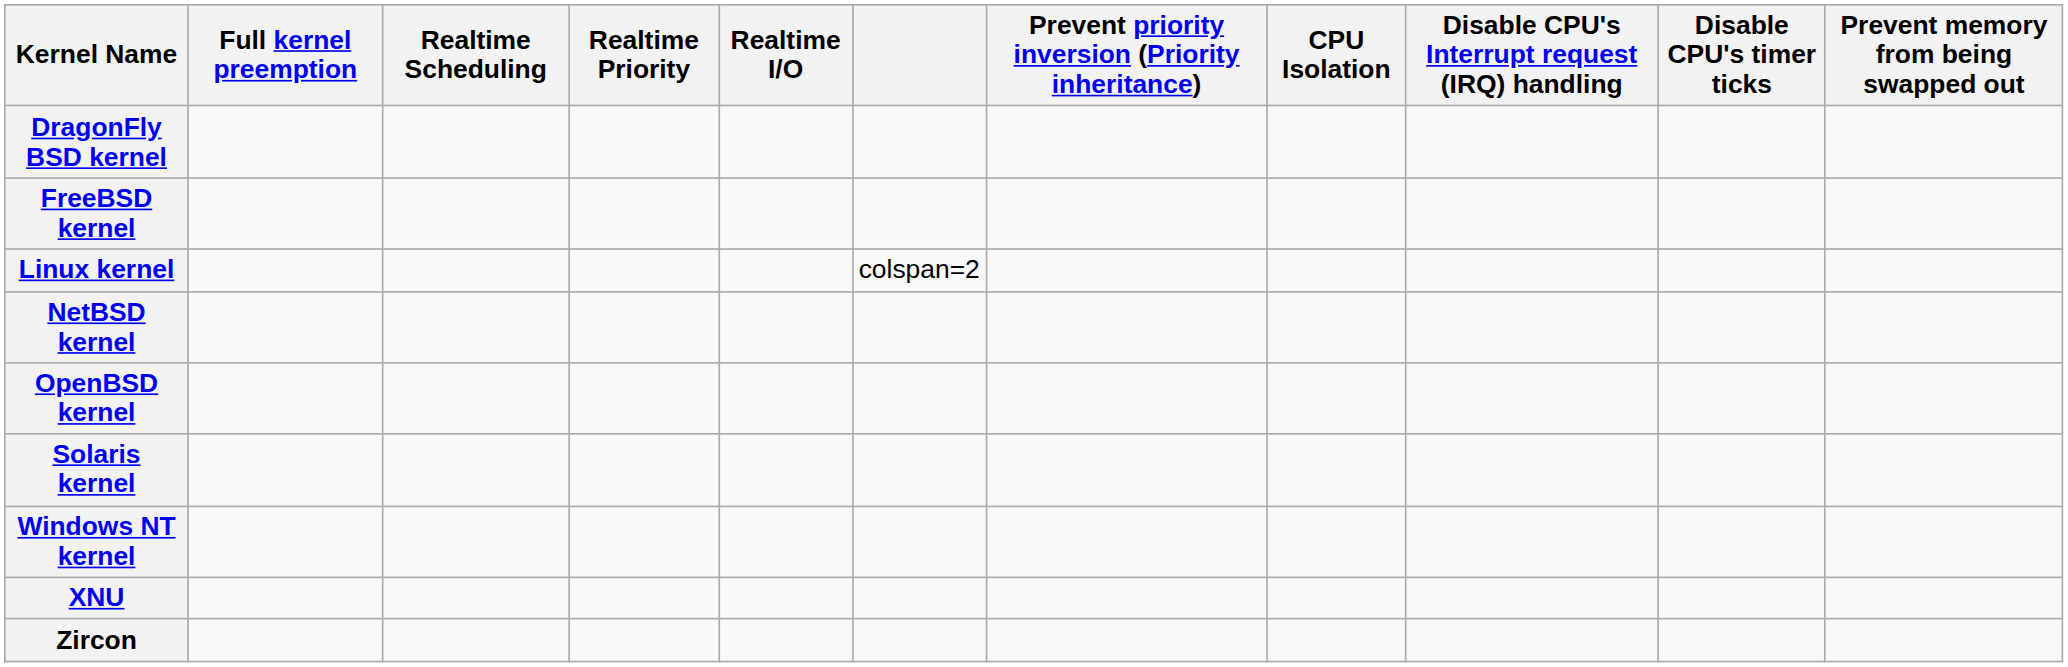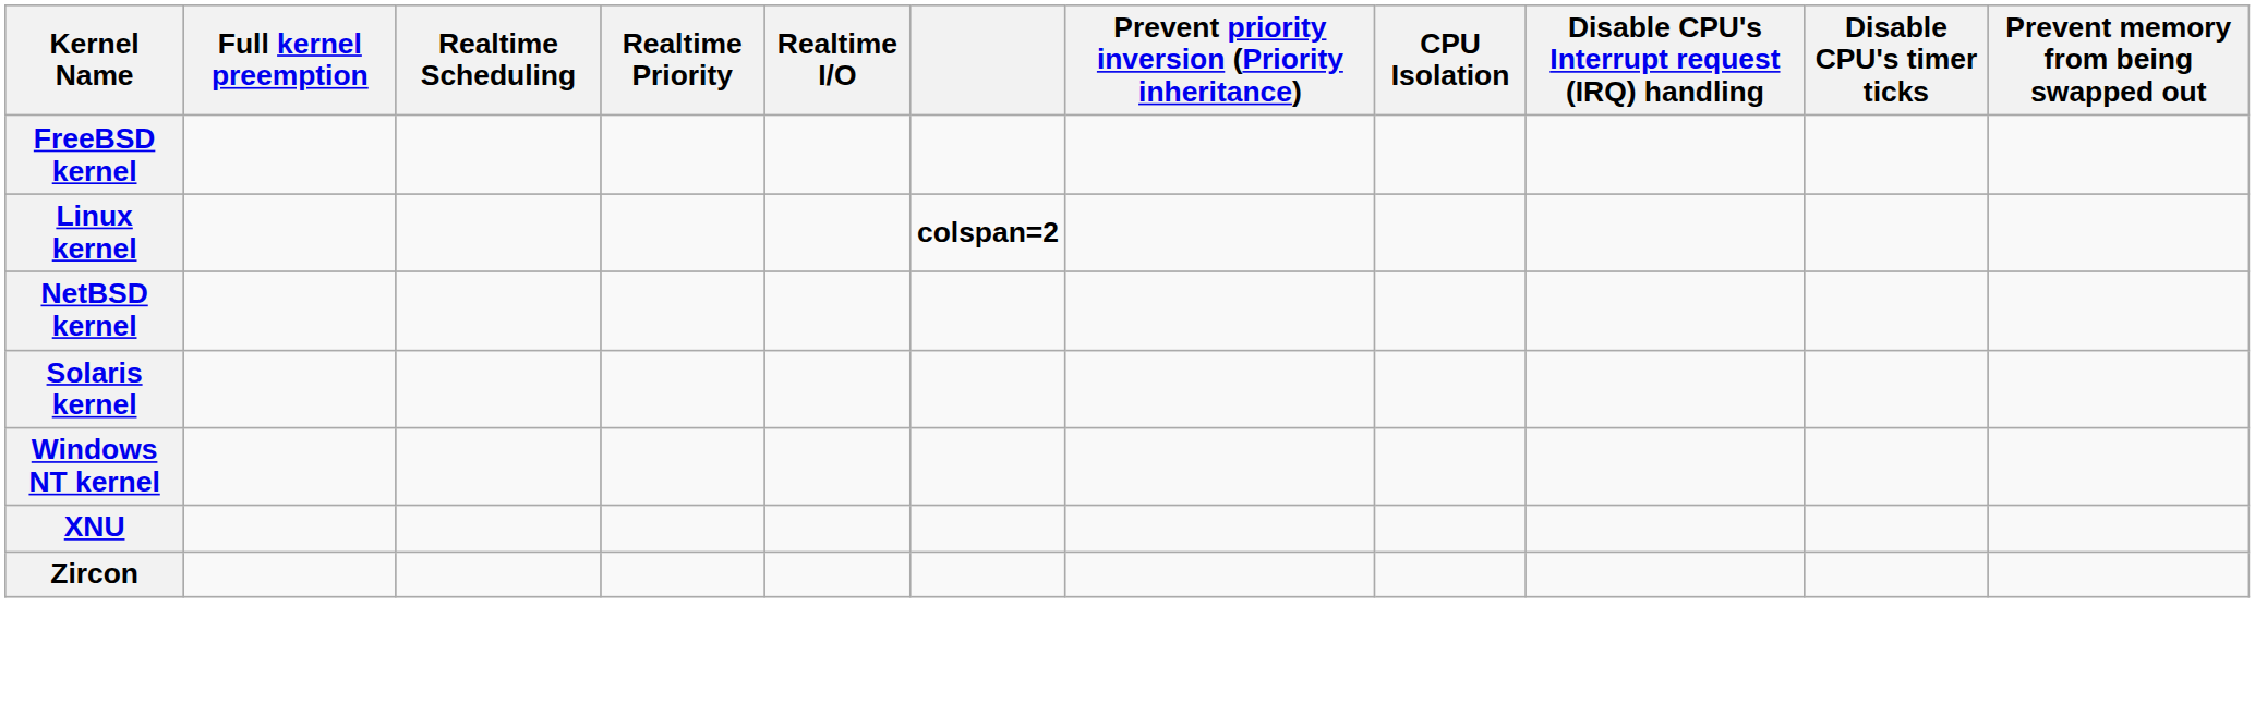 <table class="sortable sort-under wikitable" style="text-align: center; width: auto">
 <tr>
 <th>Kernel Name</th>
 <th>Full <a href='#'>kernel preemption</a></th>
 <th>Realtime Scheduling</th>
 <th>Realtime Priority</th>
 <th>Realtime I/O</th>
 <th></th>
 <th>Prevent <a href='#'>priority inversion</a> (<a href='#'>Priority inheritance</a>)</th>
 <th>CPU Isolation</th>
 <th>Disable CPU's <a href='#'>Interrupt request</a> (IRQ) handling</th>
 <th>Disable CPU's timer ticks</th>
 <th>Prevent memory from being swapped out</th>
-</tr>
-<tr>
-<th><a href='#'>DragonFly BSD kernel</a></th>
-<td></td>
-<td></td>
-<td></td>
-<td></td>
-<td></td>
-<td></td>
-<td></td>
-<td></td>
-<td></td>
-<td></td>
 </tr>
 <tr>
 <th><a href='#'>FreeBSD kernel</a></th>
 <td></td>
 <td></td>
 <td></td>
 <td></td>
 <td></td>
 <td></td>
 <td></td>
 <td></td>
 <td></td>
 <td></td>
 </tr>
 <tr>
 <th><a href='#'>Linux kernel</a></th>
 <td></td>
 <td></td>
 <td></td>
 <td></td>
-<td>colspan=2 </td>
+<td><strong>colspan=2 </strong></td>
 <td></td>
 <td></td>
 <td></td>
 <td></td>
 </tr>
 <tr>
 <th><a href='#'>NetBSD kernel</a></th>
-<td></td>
-<td></td>
-<td></td>
-<td></td>
-<td></td>
-<td></td>
-<td></td>
-<td></td>
-<td></td>
-<td></td>
-</tr>
-<tr>
-<th><a href='#'>OpenBSD kernel</a></th>
 <td></td>
 <td></td>
 <td></td>
 <td></td>
 <td></td>
 <td></td>
 <td></td>
 <td></td>
 <td></td>
 <td></td>
 </tr>
 <tr>
 <th><a href='#'>Solaris kernel</a></th>
 <td></td>
 <td></td>
 <td></td>
 <td></td>
 <td></td>
 <td></td>
 <td></td>
 <td></td>
 <td></td>
 <td></td>
 </tr>
 <tr>
 <th><a href='#'>Windows NT kernel</a></th>
 <td></td>
 <td></td>
 <td></td>
 <td></td>
 <td></td>
 <td></td>
 <td></td>
 <td></td>
 <td></td>
 <td></td>
 </tr>
 <tr>
 <th><a href='#'>XNU</a></th>
 <td></td>
 <td></td>
 <td></td>
 <td></td>
 <td></td>
 <td></td>
 <td></td>
 <td></td>
 <td></td>
 <td></td>
 </tr>
 <tr>
 <th>Zircon</th>
 <td></td>
 <td></td>
 <td></td>
 <td></td>
 <td></td>
 <td></td>
 <td></td>
 <td></td>
 <td></td>
 <td></td>
 </tr>
 </table>
